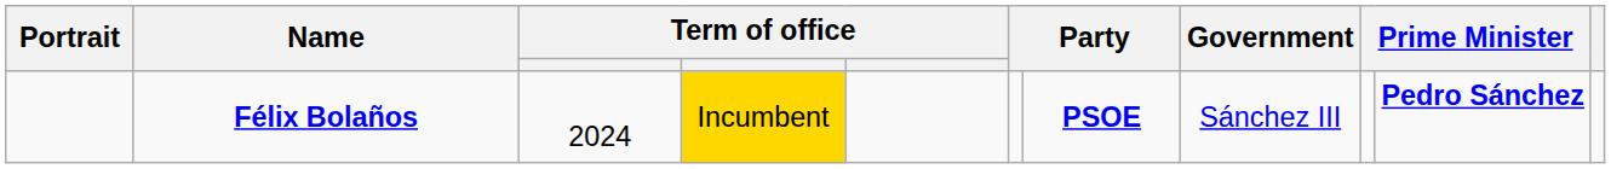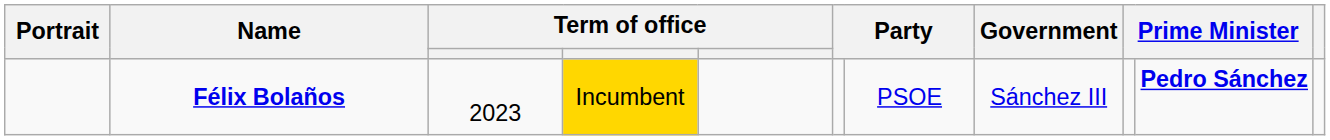 <table class="wikitable" style="line-height:1.4em; text-align:center; border:1px #aaf solid;">
 <tr>
 <th rowspan="2" width="65">Portrait</th>
 <th rowspan="2" width="210">Name<br></th>
 <th colspan="3">Term of office</th>
 <th rowspan="2" colspan="2" width="90">Party</th>
 <th rowspan="2">Government</th>
 <th rowspan="2" colspan="2"><a href='#'>Prime Minister</a><br></th>
 <th rowspan="2"></th>
 </tr>
 <tr>
 <th width="85"></th>
 <th width="85"></th>
 <th width="85"></th>
 </tr>
 <tr>
 <td></td>
 <td><strong><a href='#'>Félix Bolaños</a></strong><br></td>
-<td class="nowrap"><br>2024</td>
+<td class="nowrap"><br>2023</td>
 <td class="nowrap" style="background: gold;">Incumbent</td>
 <td style="font-size:95%;"></td>
 <td width="1" style="color:inherit;background:"></td>
-<td><strong><a href='#'>PSOE</a></strong></td>
+<td><a href='#'>PSOE</a></td>
 <td><a href='#'>Sánchez III</a></td>
 <td width="1" style="color:inherit;background:"></td>
 <td><strong><a href='#'>Pedro Sánchez</a></strong><br><br></td>
 <td align="center"></td>
 </tr>
 </table>
